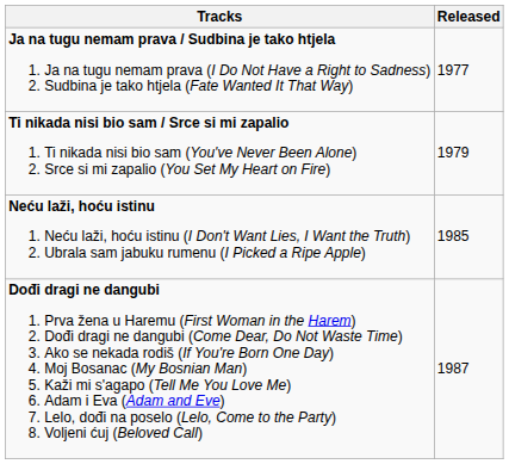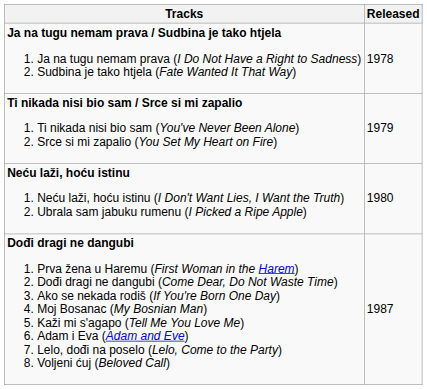 <table class="wikitable">
 <tr>
 <th>Tracks</th>
 <th>Released</th>
 </tr>
 <tr>
 <td><strong>Ja na tugu nemam prava / Sudbina je tako htjela</strong><br><ol><li>Ja na tugu nemam prava (<em>I Do Not Have a Right to Sadness</em>)</li><li>Sudbina je tako htjela (<em>Fate Wanted It That Way</em>)</li></ol></td>
-<td>1977</td>
+<td>1978</td>
 </tr>
 <tr>
 <td><strong>Ti nikada nisi bio sam / Srce si mi zapalio</strong><br><ol><li>Ti nikada nisi bio sam (<em>You've Never Been Alone</em>)</li><li>Srce si mi zapalio (<em>You Set My Heart on Fire</em>)</li></ol></td>
 <td>1979</td>
 </tr>
 <tr>
 <td><strong>Neću laži, hoću istinu</strong><br><ol><li>Neću laži, hoću istinu (<em>I Don't Want Lies, I Want the Truth</em>)</li><li>Ubrala sam jabuku rumenu (<em>I Picked a Ripe Apple</em>)</li></ol></td>
-<td>1985</td>
+<td>1980</td>
 </tr>
 <tr>
 <td><strong>Dođi dragi ne dangubi</strong><br><ol><li>Prva žena u Haremu (<em>First Woman in the <a href='#'>Harem</a></em>)</li><li>Dođi dragi ne dangubi (<em>Come Dear, Do Not Waste Time</em>)</li><li>Ako se nekada rodiš (<em>If You're Born One Day</em>)</li><li>Moj Bosanac (<em>My Bosnian Man</em>)</li><li>Kaži mi s'agapo (<em>Tell Me You Love Me</em>)</li><li>Adam i Eva (<em><a href='#'>Adam and Eve</a></em>)</li><li>Lelo, dođi na poselo (<em>Lelo, Come to the Party</em>)</li><li>Voljeni ćuj (<em>Beloved Call</em>)</li></ol></td>
 <td>1987</td>
 </tr>
 </table>
